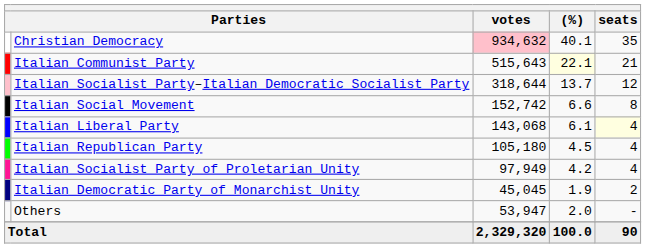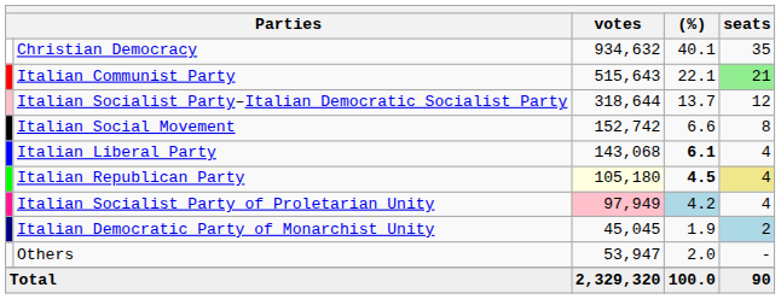 <table class="wikitable" style="font-size:95%">
 <tr>
 <th colspan=5></th>
 </tr>
 <tr bgcolor="EFEFEF"|->
 <th Colspan=2>Parties</th>
 <th>votes</th>
 <th>(%)</th>
 <th>seats</th>
 </tr>
 <tr>
 <td bgcolor=White></td>
 <td><a href='#'>Christian Democracy</a></td>
-<td align=right style="background: pink;">934,632</td>
+<td align=right>934,632</td>
 <td align=right>40.1</td>
 <td align=right>35</td>
 </tr>
 <tr>
 <td bgcolor=Red></td>
 <td><a href='#'>Italian Communist Party</a></td>
 <td align=right>515,643</td>
-<td align=right style="background: lightyellow;">22.1</td>
-<td align=right>21</td>
+<td align=right>22.1</td>
+<td align=right style="background: lightgreen;">21</td>
 </tr>
 <tr>
 <td bgcolor=Pink></td>
 <td><a href='#'>Italian Socialist Party</a>–<a href='#'>Italian Democratic Socialist Party</a></td>
 <td align=right>318,644</td>
 <td align=right>13.7</td>
 <td align=right>12</td>
 </tr>
 <tr>
 <td bgcolor=Black></td>
 <td><a href='#'>Italian Social Movement</a></td>
 <td align=right>152,742</td>
 <td align=right>6.6</td>
 <td align=right>8</td>
 </tr>
 <tr>
 <td bgcolor=Blue></td>
 <td><a href='#'>Italian Liberal Party</a></td>
 <td align=right>143,068</td>
-<td align=right>6.1</td>
-<td align=right style="background: lightyellow;">4</td>
+<td align=right><strong>6.1</strong></td>
+<td align=right>4</td>
 </tr>
 <tr>
 <td bgcolor=Lime></td>
 <td><a href='#'>Italian Republican Party</a></td>
-<td align=right>105,180</td>
-<td align=right>4.5</td>
-<td align=right>4</td>
+<td align=right style="background: lightyellow;">105,180</td>
+<td align=right><strong>4.5</strong></td>
+<td align=right style="background: khaki;">4</td>
 </tr>
 <tr>
 <td bgcolor=Deeppink></td>
 <td><a href='#'>Italian Socialist Party of Proletarian Unity</a></td>
-<td align=right>97,949</td>
-<td align=right>4.2</td>
+<td align=right style="background: pink;">97,949</td>
+<td align=right style="background: lightblue;">4.2</td>
 <td align=right>4</td>
 </tr>
 <tr>
 <td bgcolor=Navy></td>
 <td><a href='#'>Italian Democratic Party of Monarchist Unity</a></td>
 <td align=right>45,045</td>
 <td align=right>1.9</td>
-<td align=right>2</td>
+<td align=right style="background: lightblue;">2</td>
 </tr>
 <tr>
 <td bgcolor=></td>
 <td>Others</td>
 <td align=right>53,947</td>
 <td align=right>2.0</td>
 <td align=right>-</td>
 </tr>
 <tr>
 </tr>
 <tr bgcolor="EFEFEF">
 <td colspan=2><strong>Total</strong></td>
 <td align=right><strong>2,329,320</strong></td>
 <td align=right><strong>100.0</strong></td>
 <td align=right><strong>90</strong></td>
 </tr>
 </table>
